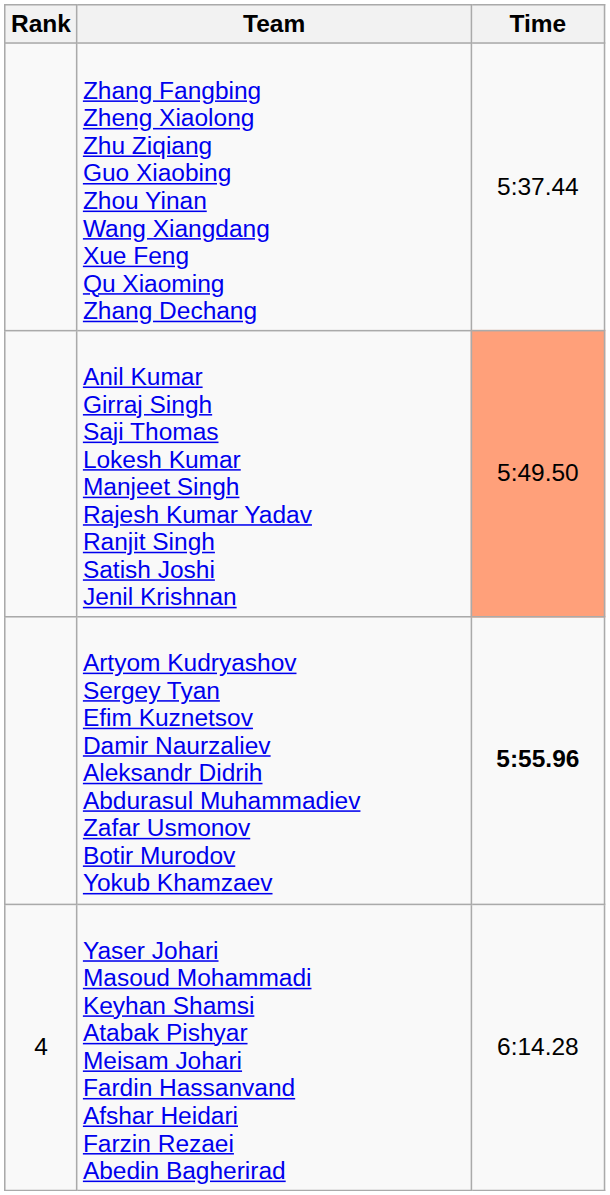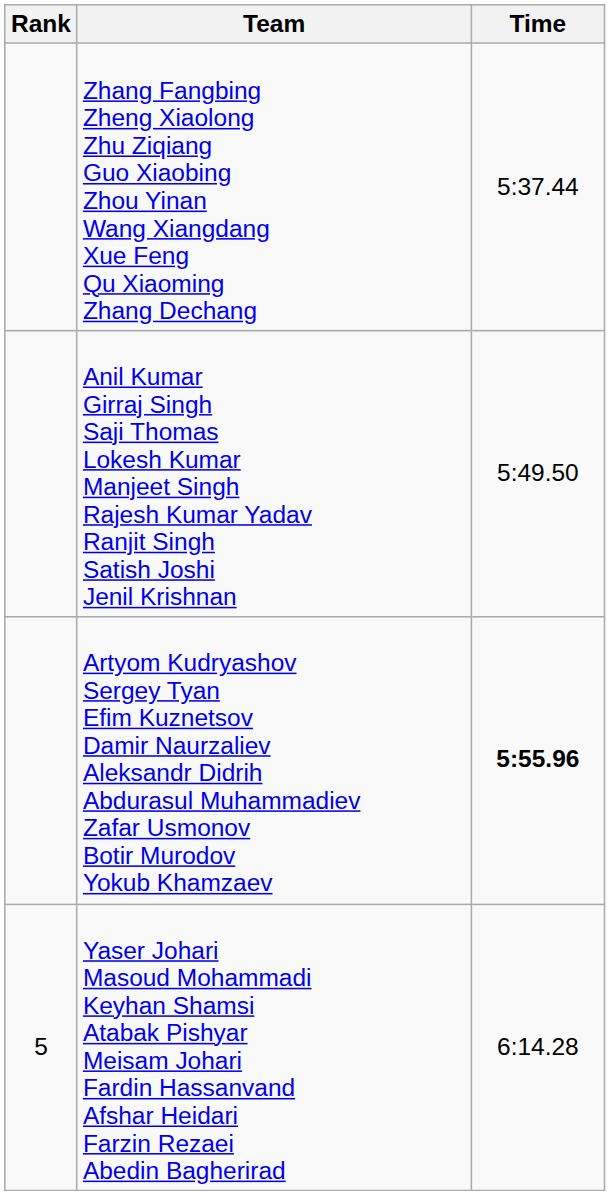 <table class=wikitable style="text-align:center">
 <tr>
 <th width=40>Rank</th>
 <th width=250>Team</th>
 <th width=80>Time</th>
 </tr>
 <tr>
 <td></td>
 <td align=left><br><a href='#'>Zhang Fangbing</a><br><a href='#'>Zheng Xiaolong</a><br><a href='#'>Zhu Ziqiang</a><br><a href='#'>Guo Xiaobing</a><br><a href='#'>Zhou Yinan</a><br><a href='#'>Wang Xiangdang</a><br><a href='#'>Xue Feng</a><br><a href='#'>Qu Xiaoming</a><br><a href='#'>Zhang Dechang</a></td>
 <td>5:37.44</td>
 </tr>
 <tr>
 <td></td>
 <td align=left><br><a href='#'>Anil Kumar</a><br><a href='#'>Girraj Singh</a><br><a href='#'>Saji Thomas</a><br><a href='#'>Lokesh Kumar</a><br><a href='#'>Manjeet Singh</a><br><a href='#'>Rajesh Kumar Yadav</a><br><a href='#'>Ranjit Singh</a><br><a href='#'>Satish Joshi</a><br><a href='#'>Jenil Krishnan</a></td>
-<td style="background: lightsalmon;">5:49.50</td>
+<td>5:49.50</td>
 </tr>
 <tr>
 <td></td>
 <td align=left><br><a href='#'>Artyom Kudryashov</a><br><a href='#'>Sergey Tyan</a><br><a href='#'>Efim Kuznetsov</a><br><a href='#'>Damir Naurzaliev</a><br><a href='#'>Aleksandr Didrih</a><br><a href='#'>Abdurasul Muhammadiev</a><br><a href='#'>Zafar Usmonov</a><br><a href='#'>Botir Murodov</a><br><a href='#'>Yokub Khamzaev</a></td>
 <td><strong>5:55.96</strong></td>
 </tr>
 <tr>
-<td>4</td>
+<td>5</td>
 <td align=left><br><a href='#'>Yaser Johari</a><br><a href='#'>Masoud Mohammadi</a><br><a href='#'>Keyhan Shamsi</a><br><a href='#'>Atabak Pishyar</a><br><a href='#'>Meisam Johari</a><br><a href='#'>Fardin Hassanvand</a><br><a href='#'>Afshar Heidari</a><br><a href='#'>Farzin Rezaei</a><br><a href='#'>Abedin Bagherirad</a></td>
 <td>6:14.28</td>
 </tr>
 </table>
